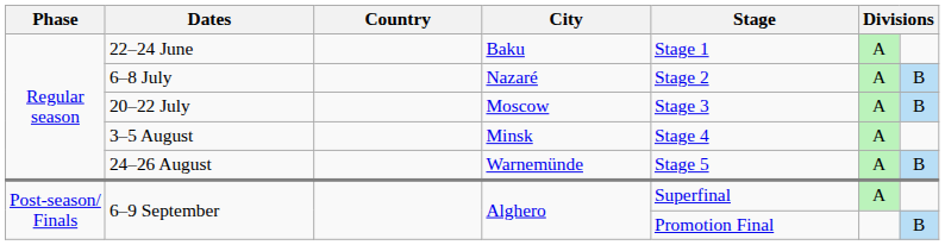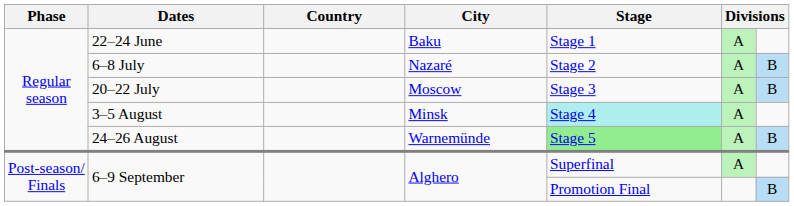 <table class="wikitable">
 <tr>
 <th>Phase</th>
 <th width="175">Dates</th>
 <th width="140">Country</th>
 <th width="140">City</th>
 <th width="175">Stage</th>
 <th colspan=2>Divisions</th>
 </tr>
 <tr>
 <td rowspan=5 align=center><a href='#'>Regular<br>season</a></td>
 <td>22–24 June</td>
 <td></td>
 <td><a href='#'>Baku</a></td>
 <td><a href='#'>Stage 1</a></td>
 <td bgcolor=#bbf3bb align=center>A</td>
 <td></td>
 </tr>
 <tr>
 <td>6–8 July</td>
 <td></td>
 <td><a href='#'>Nazaré</a></td>
 <td><a href='#'>Stage 2</a></td>
 <td bgcolor=#bbf3bb align=center>A</td>
 <td bgcolor=#b8def6 align=center>B</td>
 </tr>
 <tr>
 <td>20–22 July</td>
 <td></td>
 <td><a href='#'>Moscow</a></td>
 <td><a href='#'>Stage 3</a></td>
 <td bgcolor=#bbf3bb align=center>A</td>
 <td bgcolor=#b8def6 align=center>B</td>
 </tr>
 <tr>
 <td>3–5 August</td>
 <td></td>
 <td><a href='#'>Minsk</a></td>
-<td><a href='#'>Stage 4</a></td>
+<td style="background: paleturquoise;"><a href='#'>Stage 4</a></td>
 <td bgcolor=#bbf3bb align=center>A</td>
 <td></td>
 </tr>
 <tr style="border-bottom: 3px solid grey">
 <td>24–26 August</td>
 <td></td>
 <td><a href='#'>Warnemünde</a></td>
-<td><a href='#'>Stage 5</a></td>
+<td style="background: lightgreen;"><a href='#'>Stage 5</a></td>
 <td bgcolor=#bbf3bb align=center>A</td>
 <td bgcolor=#b8def6 align=center>B</td>
 </tr>
 <tr>
 <td rowspan=2 align=center><a href='#'>Post-season/<br>Finals</a></td>
 <td rowspan=2>6–9 September</td>
 <td rowspan=2></td>
 <td rowspan=2><a href='#'>Alghero</a></td>
 <td><a href='#'>Superfinal</a></td>
 <td bgcolor=#bbf3bb align=center>A</td>
 <td></td>
 </tr>
 <tr>
 <td><a href='#'>Promotion Final</a></td>
 <td></td>
 <td bgcolor=#b8def6 align=center>B</td>
 </tr>
 </table>
